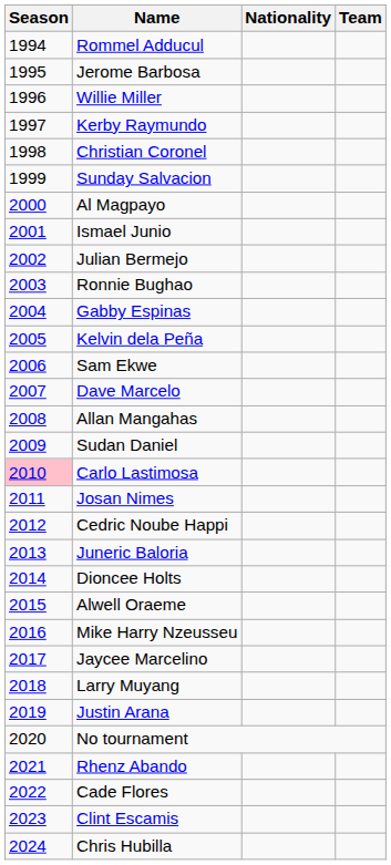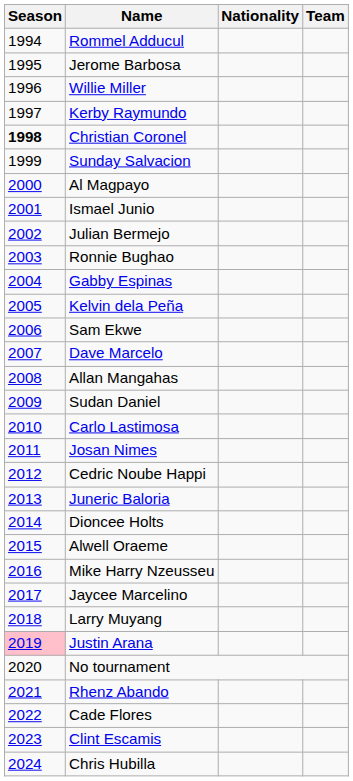 <table class="wikitable">
 <tr>
 <th>Season</th>
 <th>Name</th>
 <th>Nationality</th>
 <th>Team</th>
 </tr>
 <tr>
 <td>1994</td>
 <td><a href='#'>Rommel Adducul</a></td>
 <td></td>
 <td></td>
 </tr>
 <tr>
 <td>1995</td>
 <td>Jerome Barbosa</td>
 <td></td>
 <td></td>
 </tr>
 <tr>
 <td>1996</td>
 <td><a href='#'>Willie Miller</a></td>
 <td></td>
 <td></td>
 </tr>
 <tr>
 <td>1997</td>
 <td><a href='#'>Kerby Raymundo</a></td>
 <td></td>
 <td></td>
 </tr>
 <tr>
-<td>1998</td>
+<td><strong>1998</strong></td>
 <td><a href='#'>Christian Coronel</a></td>
 <td></td>
 <td></td>
 </tr>
 <tr>
 <td>1999</td>
 <td><a href='#'>Sunday Salvacion</a></td>
 <td></td>
 <td></td>
 </tr>
 <tr>
 <td><a href='#'>2000</a></td>
 <td>Al Magpayo</td>
 <td></td>
 <td></td>
 </tr>
 <tr>
 <td><a href='#'>2001</a></td>
 <td>Ismael Junio</td>
 <td></td>
 <td></td>
 </tr>
 <tr>
 <td><a href='#'>2002</a></td>
 <td>Julian Bermejo</td>
 <td></td>
 <td></td>
 </tr>
 <tr>
 <td><a href='#'>2003</a></td>
 <td>Ronnie Bughao</td>
 <td></td>
 <td></td>
 </tr>
 <tr>
 <td><a href='#'>2004</a></td>
 <td><a href='#'>Gabby Espinas</a></td>
 <td></td>
 <td></td>
 </tr>
 <tr>
 <td><a href='#'>2005</a></td>
 <td><a href='#'>Kelvin dela Peña</a></td>
 <td></td>
 <td></td>
 </tr>
 <tr>
 <td><a href='#'>2006</a></td>
 <td>Sam Ekwe</td>
 <td></td>
 <td></td>
 </tr>
 <tr>
 <td><a href='#'>2007</a></td>
 <td><a href='#'>Dave Marcelo</a></td>
 <td></td>
 <td></td>
 </tr>
 <tr>
 <td><a href='#'>2008</a></td>
 <td>Allan Mangahas</td>
 <td></td>
 <td></td>
 </tr>
 <tr>
 <td><a href='#'>2009</a></td>
 <td>Sudan Daniel</td>
 <td></td>
 <td></td>
 </tr>
 <tr>
-<td style="background: pink;"><a href='#'>2010</a></td>
+<td><a href='#'>2010</a></td>
 <td><a href='#'>Carlo Lastimosa</a></td>
 <td></td>
 <td></td>
 </tr>
 <tr>
 <td><a href='#'>2011</a></td>
 <td><a href='#'>Josan Nimes</a></td>
 <td></td>
 <td></td>
 </tr>
 <tr>
 <td><a href='#'>2012</a></td>
 <td>Cedric Noube Happi</td>
 <td></td>
 <td></td>
 </tr>
 <tr>
 <td><a href='#'>2013</a></td>
 <td><a href='#'>Juneric Baloria</a></td>
 <td></td>
 <td></td>
 </tr>
 <tr>
 <td><a href='#'>2014</a></td>
 <td>Dioncee Holts</td>
 <td></td>
 <td></td>
 </tr>
 <tr>
 <td><a href='#'>2015</a></td>
 <td>Alwell Oraeme</td>
 <td></td>
 <td></td>
 </tr>
 <tr>
 <td><a href='#'>2016</a></td>
 <td>Mike Harry Nzeusseu</td>
 <td></td>
 <td></td>
 </tr>
 <tr>
 <td><a href='#'>2017</a></td>
 <td>Jaycee Marcelino</td>
 <td></td>
 <td></td>
 </tr>
 <tr>
 <td><a href='#'>2018</a></td>
 <td>Larry Muyang</td>
 <td></td>
 <td></td>
 </tr>
 <tr>
-<td><a href='#'>2019</a></td>
+<td style="background: pink;"><a href='#'>2019</a></td>
 <td><a href='#'>Justin Arana</a></td>
 <td></td>
 <td></td>
 </tr>
 <tr>
 <td>2020</td>
 <td colspan="3">No tournament</td>
 </tr>
 <tr>
 <td><a href='#'>2021</a></td>
 <td><a href='#'>Rhenz Abando</a></td>
 <td></td>
 <td></td>
 </tr>
 <tr>
 <td><a href='#'>2022</a></td>
 <td>Cade Flores</td>
 <td></td>
 <td></td>
 </tr>
 <tr>
 <td><a href='#'>2023</a></td>
 <td><a href='#'>Clint Escamis</a></td>
 <td></td>
 <td></td>
 </tr>
 <tr>
 <td><a href='#'>2024</a></td>
 <td>Chris Hubilla</td>
 <td></td>
 <td></td>
 </tr>
 </table>
